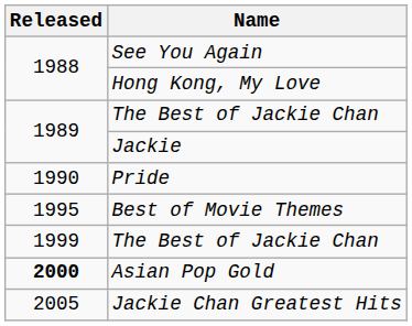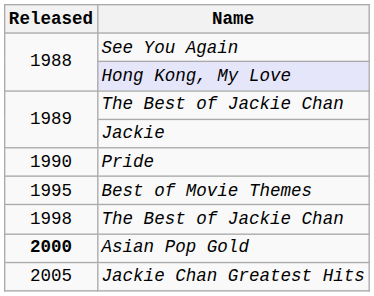 <table class="wikitable">
 <tr>
 <th><strong>Released</strong></th>
 <th><strong>Name</strong></th>
 </tr>
 <tr>
 <td rowspan="2" style="text-align:center;">1988</td>
 <td><em>See You Again</em></td>
 </tr>
 <tr>
-<td><em>Hong Kong, My Love</em></td>
+<td style="background: lavender;"><em>Hong Kong, My Love</em></td>
 </tr>
 <tr>
 <td rowspan="2" style="text-align:center;">1989</td>
 <td><em>The Best of Jackie Chan</em></td>
 </tr>
 <tr>
 <td><em>Jackie</em></td>
 </tr>
 <tr>
 <td style="text-align:center;">1990</td>
 <td><em>Pride</em></td>
 </tr>
 <tr>
 <td style="text-align:center;">1995</td>
 <td><em>Best of Movie Themes</em></td>
 </tr>
 <tr>
-<td style="text-align:center;">1999</td>
+<td style="text-align:center;">1998</td>
 <td><em>The Best of Jackie Chan</em></td>
 </tr>
 <tr>
 <td style="text-align:center;"><strong>2000</strong></td>
 <td><em>Asian Pop Gold</em></td>
 </tr>
 <tr>
 <td style="text-align:center;">2005</td>
 <td><em>Jackie Chan Greatest Hits</em></td>
 </tr>
 </table>
